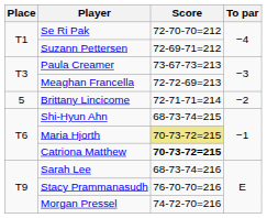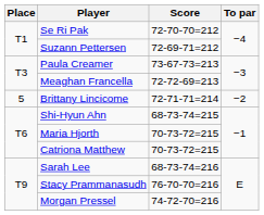 <table class="wikitable">
 <tr>
 <th>Place</th>
 <th>Player</th>
 <th>Score</th>
 <th>To par</th>
 </tr>
 <tr>
 <td rowspan=2 align=center>T1</td>
 <td> <a href='#'>Se Ri Pak</a></td>
 <td>72-70-70=212</td>
 <td rowspan=2 align=center>−4</td>
 </tr>
 <tr>
 <td> <a href='#'>Suzann Pettersen</a></td>
 <td>72-69-71=212</td>
 </tr>
 <tr>
 <td rowspan=2 align=center>T3</td>
 <td> <a href='#'>Paula Creamer</a></td>
 <td>73-67-73=213</td>
 <td rowspan=2 align=center>−3</td>
 </tr>
 <tr>
 <td> <a href='#'>Meaghan Francella</a></td>
 <td>72-72-69=213</td>
 </tr>
 <tr>
 <td align=center>5</td>
 <td> <a href='#'>Brittany Lincicome</a></td>
 <td>72-71-71=214</td>
 <td align=center>−2</td>
 </tr>
 <tr>
 <td align=center rowspan=3>T6</td>
 <td> <a href='#'>Shi-Hyun Ahn</a></td>
 <td>68-73-74=215</td>
 <td align=center rowspan=3>−1</td>
 </tr>
 <tr>
 <td> <a href='#'>Maria Hjorth</a></td>
-<td style="background: khaki;">70-73-72=215</td>
+<td>70-73-72=215</td>
 </tr>
 <tr>
 <td> <a href='#'>Catriona Matthew</a></td>
-<td><strong>70-73-72=215</strong></td>
+<td>70-73-72=215</td>
 </tr>
 <tr>
 <td align=center rowspan=3>T9</td>
 <td> <a href='#'>Sarah Lee</a></td>
 <td>68-73-74=216</td>
 <td align=center rowspan=3>E</td>
 </tr>
 <tr>
 <td> <a href='#'>Stacy Prammanasudh</a></td>
 <td>76-70-70=216</td>
 </tr>
 <tr>
 <td> <a href='#'>Morgan Pressel</a></td>
 <td>74-72-70=216<br></td>
 </tr>
 </table>
